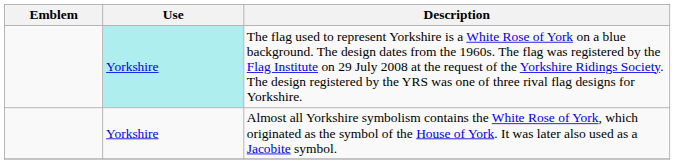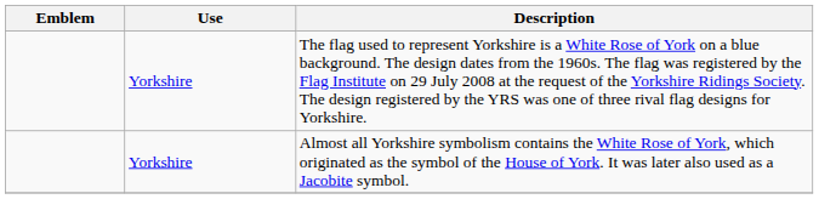 <table class="wikitable">
 <tr>
 <th width="110">Emblem</th>
 <th width="160">Use</th>
 <th width="500">Description</th>
 </tr>
 <tr>
 <td align="center"></td>
-<td style="background: paleturquoise;"><a href='#'>Yorkshire</a></td>
+<td><a href='#'>Yorkshire</a></td>
 <td>The flag used to represent Yorkshire is a <a href='#'>White Rose of York</a> on a blue background. The design dates from the 1960s. The flag was registered by the <a href='#'>Flag Institute</a> on 29 July 2008 at the request of the <a href='#'>Yorkshire Ridings Society</a>. The design registered by the YRS was one of three rival flag designs for Yorkshire.</td>
 </tr>
 <tr>
 <td align="center"></td>
 <td><a href='#'>Yorkshire</a></td>
 <td>Almost all Yorkshire symbolism contains the <a href='#'>White Rose of York</a>, which originated as the symbol of the <a href='#'>House of York</a>. It was later also used as a <a href='#'>Jacobite</a> symbol.</td>
 </tr>
 <tr>
 </tr>
 </table>
